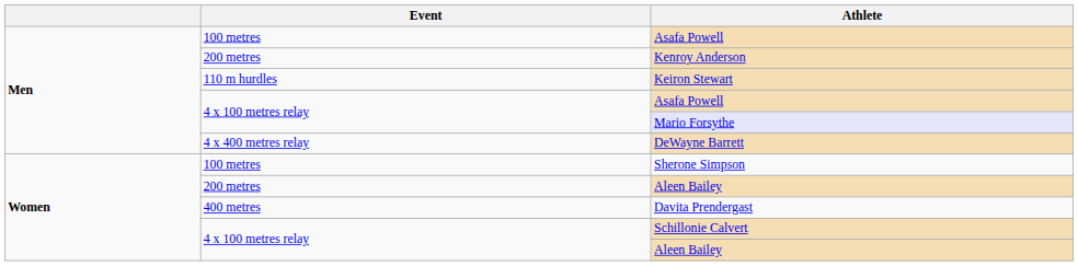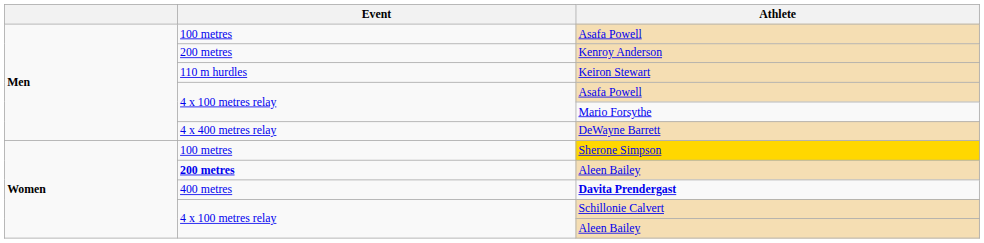 <table class=wikitable style="font-size:90%" width=60%>
 <tr>
 <th></th>
 <th>Event</th>
 <th>Athlete</th>
 </tr>
 <tr>
 <td rowspan=6><strong>Men</strong></td>
 <td><a href='#'>100 metres</a></td>
 <td bgcolor="wheat"><a href='#'>Asafa Powell</a></td>
 </tr>
 <tr>
 <td><a href='#'>200 metres</a></td>
 <td bgcolor="wheat"><a href='#'>Kenroy Anderson</a></td>
 </tr>
 <tr>
 <td><a href='#'>110 m hurdles</a></td>
 <td bgcolor="wheat"><a href='#'>Keiron Stewart</a></td>
 </tr>
 <tr>
 <td rowspan=2><a href='#'>4 x 100 metres relay</a></td>
 <td bgcolor="wheat"><a href='#'>Asafa Powell</a></td>
 </tr>
 <tr>
-<td style="background: lavender;"><a href='#'>Mario Forsythe</a></td>
+<td><a href='#'>Mario Forsythe</a></td>
 </tr>
 <tr>
 <td><a href='#'>4 x 400 metres relay</a></td>
 <td bgcolor="wheat"><a href='#'>DeWayne Barrett</a></td>
 </tr>
 <tr>
 <td rowspan=5><strong>Women</strong></td>
 <td><a href='#'>100 metres</a></td>
-<td><a href='#'>Sherone Simpson</a></td>
+<td style="background: gold;"><a href='#'>Sherone Simpson</a></td>
 </tr>
 <tr>
-<td><a href='#'>200 metres</a></td>
+<td><strong><a href='#'>200 metres</a></strong></td>
 <td bgcolor="wheat"><a href='#'>Aleen Bailey</a></td>
 </tr>
 <tr>
 <td><a href='#'>400 metres</a></td>
-<td><a href='#'>Davita Prendergast</a></td>
+<td><strong><a href='#'>Davita Prendergast</a></strong></td>
 </tr>
 <tr>
 <td rowspan=2><a href='#'>4 x 100 metres relay</a></td>
 <td bgcolor="wheat"><a href='#'>Schillonie Calvert</a></td>
 </tr>
 <tr>
 <td bgcolor="wheat"><a href='#'>Aleen Bailey</a></td>
 </tr>
 </table>
